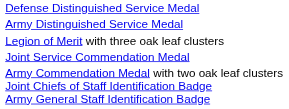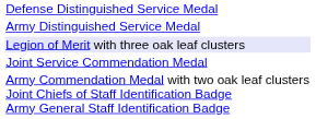 <table>
 <tr>
 <td> <a href='#'>Defense Distinguished Service Medal</a></td>
 </tr>
 <tr>
 <td> <a href='#'>Army Distinguished Service Medal</a></td>
 </tr>
 <tr>
-<td> <a href='#'>Legion of Merit</a> with three oak leaf clusters</td>
+<td style="background: lavender;"> <a href='#'>Legion of Merit</a> with three oak leaf clusters</td>
 </tr>
 <tr>
 <td> <a href='#'>Joint Service Commendation Medal</a></td>
 </tr>
 <tr>
 <td><span></span><span></span> <a href='#'>Army Commendation Medal</a> with two oak leaf clusters<br> <a href='#'>Joint Chiefs of Staff Identification Badge</a><br>  <a href='#'>Army General Staff Identification Badge</a></td>
 </tr>
 </table>
